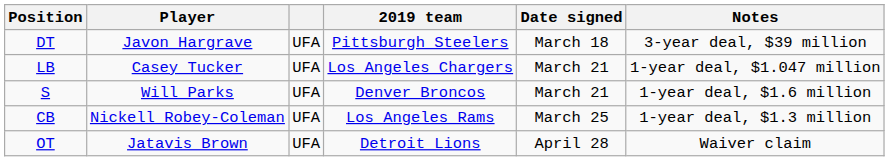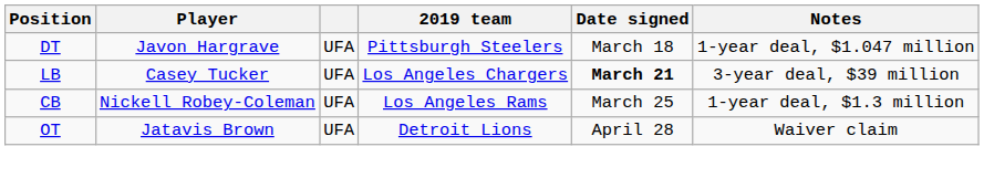 <table class="wikitable" style="text-align:center">
 <tr>
 <th>Position</th>
 <th>Player</th>
 <th></th>
 <th>2019 team</th>
 <th>Date signed</th>
 <th>Notes</th>
 </tr>
 <tr>
 <td><a href='#'>DT</a></td>
 <td><a href='#'>Javon Hargrave</a></td>
 <td>UFA</td>
 <td><a href='#'>Pittsburgh Steelers</a></td>
 <td>March 18</td>
-<td>3-year deal, $39 million</td>
+<td>1-year deal, $1.047 million</td>
 </tr>
 <tr>
 <td><a href='#'>LB</a></td>
 <td><a href='#'>Casey Tucker</a></td>
 <td>UFA</td>
 <td><a href='#'>Los Angeles Chargers</a></td>
-<td>March 21</td>
-<td>1-year deal, $1.047 million</td>
-</tr>
-<tr>
-<td><a href='#'>S</a></td>
-<td><a href='#'>Will Parks</a></td>
-<td>UFA</td>
-<td><a href='#'>Denver Broncos</a></td>
-<td>March 21</td>
-<td>1-year deal, $1.6 million</td>
+<td><strong>March 21</strong></td>
+<td>3-year deal, $39 million</td>
 </tr>
 <tr>
 <td><a href='#'>CB</a></td>
 <td><a href='#'>Nickell Robey-Coleman</a></td>
 <td>UFA</td>
 <td><a href='#'>Los Angeles Rams</a></td>
 <td>March 25</td>
 <td>1-year deal, $1.3 million</td>
 </tr>
 <tr>
 <td><a href='#'>OT</a></td>
 <td><a href='#'>Jatavis Brown</a></td>
 <td>UFA</td>
 <td><a href='#'>Detroit Lions</a></td>
 <td>April 28</td>
 <td>Waiver claim</td>
 </tr>
 </table>
